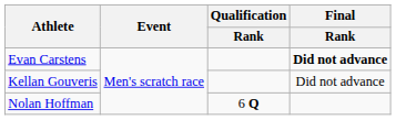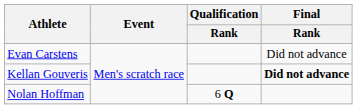 <table class="wikitable" style="font-size:90%;">
 <tr>
 <th rowspan=2>Athlete</th>
 <th rowspan=2>Event</th>
 <th>Qualification</th>
 <th>Final</th>
 </tr>
 <tr style="font-size:95%">
 <th>Rank</th>
 <th>Rank</th>
 </tr>
 <tr align=center>
 <td align=left><a href='#'>Evan Carstens</a></td>
 <td align=left rowspan=3><a href='#'>Men's scratch race</a></td>
 <td></td>
-<td><strong>Did not advance</strong></td>
+<td>Did not advance</td>
 </tr>
 <tr align=center>
 <td align=left><a href='#'>Kellan Gouveris</a></td>
 <td></td>
-<td>Did not advance</td>
+<td><strong>Did not advance</strong></td>
 </tr>
 <tr align=center>
 <td align=left><a href='#'>Nolan Hoffman</a></td>
 <td>6 <strong>Q</strong></td>
 <td></td>
 </tr>
 </table>
